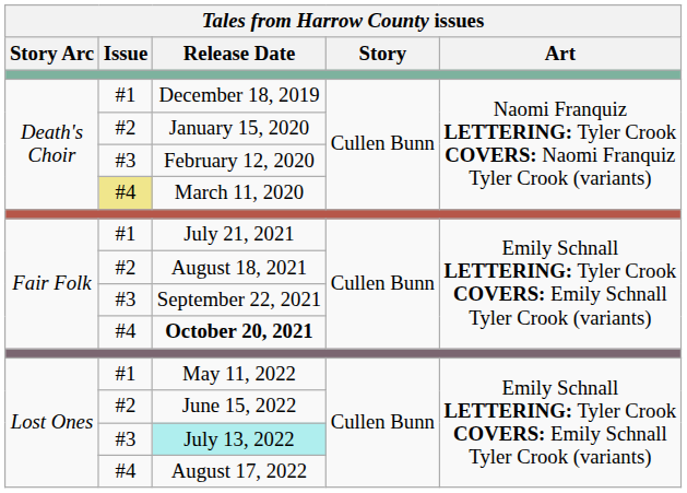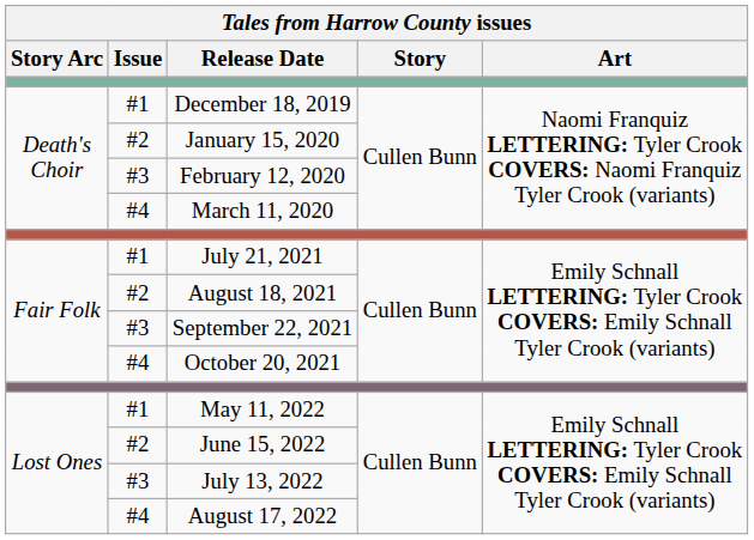 <table class="wikitable mw-collapsible mw-collapsed" style="text-align: center">
 <tr>
 <th colspan=5><em>Tales from Harrow County</em> issues</th>
 </tr>
 <tr>
 <th>Story Arc</th>
 <th>Issue</th>
 <th>Release Date</th>
 <th>Story</th>
 <th>Art</th>
 </tr>
 <tr>
 <td colspan=5 style=background:#7db29e></td>
 </tr>
 <tr>
 <td rowspan=4><em>Death's<br>Choir</em></td>
 <td>#1</td>
 <td>December 18, 2019</td>
 <td rowspan=4>Cullen Bunn</td>
 <td rowspan=4>Naomi Franquiz<br><strong><span>LETTERING:</span></strong> Tyler Crook<br><strong><span>COVERS:</span></strong> Naomi Franquiz<br>Tyler Crook <span>(variants)</span></td>
 </tr>
 <tr>
 <td>#2</td>
 <td>January 15, 2020</td>
 </tr>
 <tr>
 <td>#3</td>
 <td>February 12, 2020</td>
 </tr>
 <tr>
-<td style="background: khaki;">#4</td>
+<td>#4</td>
 <td>March 11, 2020</td>
 </tr>
 <tr>
 <td colspan=5 style=background:#b65649></td>
 </tr>
 <tr>
 <td rowspan=4><em>Fair Folk</em></td>
 <td>#1</td>
 <td>July 21, 2021</td>
 <td rowspan=4>Cullen Bunn</td>
 <td rowspan=4>Emily Schnall<br><strong><span>LETTERING:</span></strong> Tyler Crook<br><strong><span>COVERS:</span></strong> Emily Schnall<br>Tyler Crook <span>(variants)</span></td>
 </tr>
 <tr>
 <td>#2</td>
 <td>August 18, 2021</td>
 </tr>
 <tr>
 <td>#3</td>
 <td>September 22, 2021</td>
 </tr>
 <tr>
 <td>#4</td>
-<td><strong>October 20, 2021</strong></td>
+<td>October 20, 2021</td>
 </tr>
 <tr>
 <td colspan=5 style=background:#7b6671></td>
 </tr>
 <tr>
 <td rowspan=4><em>Lost Ones</em></td>
 <td>#1</td>
 <td>May 11, 2022</td>
 <td rowspan=4>Cullen Bunn</td>
 <td rowspan=4>Emily Schnall<br><strong><span>LETTERING:</span></strong> Tyler Crook<br><strong><span>COVERS:</span></strong> Emily Schnall<br>Tyler Crook <span>(variants)</span></td>
 </tr>
 <tr>
 <td>#2</td>
 <td>June 15, 2022</td>
 </tr>
 <tr>
 <td>#3</td>
-<td style="background: paleturquoise;">July 13, 2022</td>
+<td>July 13, 2022</td>
 </tr>
 <tr>
 <td>#4</td>
 <td>August 17, 2022</td>
 </tr>
 </table>
